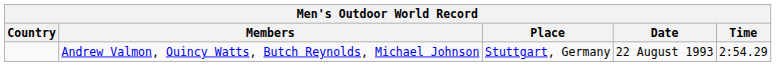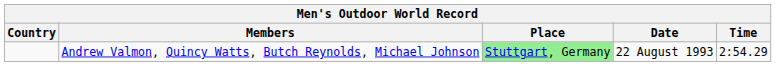 <table class=wikitable>
 <tr>
 <th colspan=5>Men's Outdoor World Record</th>
 </tr>
 <tr>
 <th>Country</th>
 <th>Members</th>
 <th>Place</th>
 <th>Date</th>
 <th>Time</th>
 </tr>
 <tr>
 <td></td>
 <td><a href='#'>Andrew Valmon</a>, <a href='#'>Quincy Watts</a>, <a href='#'>Butch Reynolds</a>, <a href='#'>Michael Johnson</a></td>
-<td><a href='#'>Stuttgart</a>, Germany</td>
+<td style="background: lightgreen;"><a href='#'>Stuttgart</a>, Germany</td>
 <td>22 August 1993</td>
 <td>2:54.29</td>
 </tr>
 </table>
